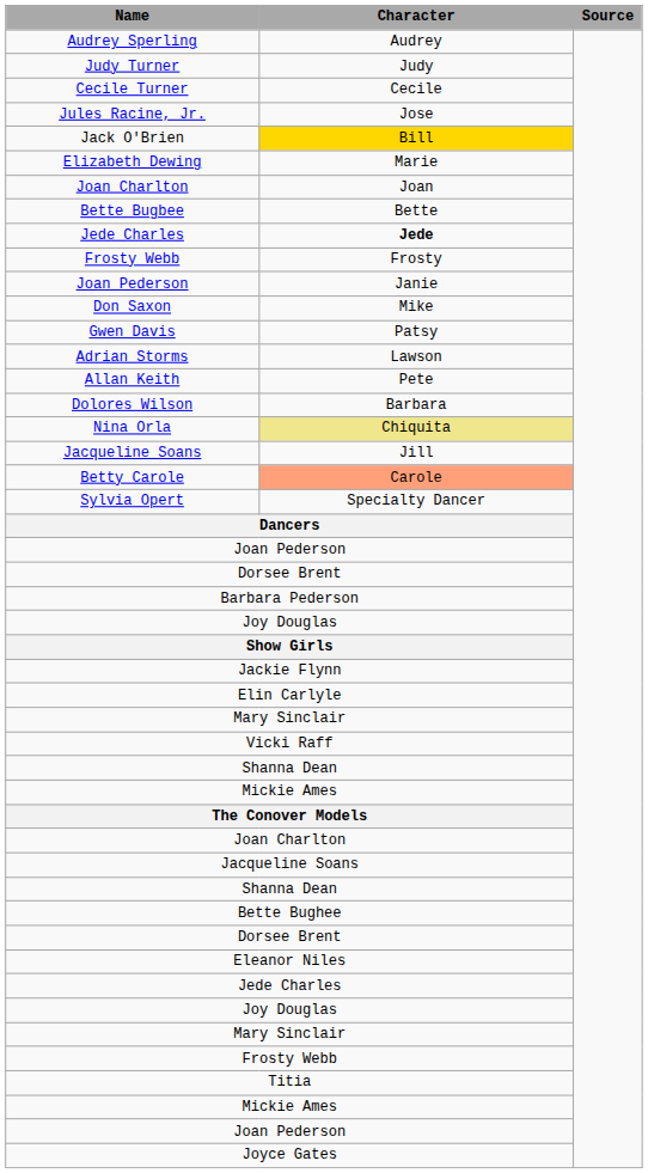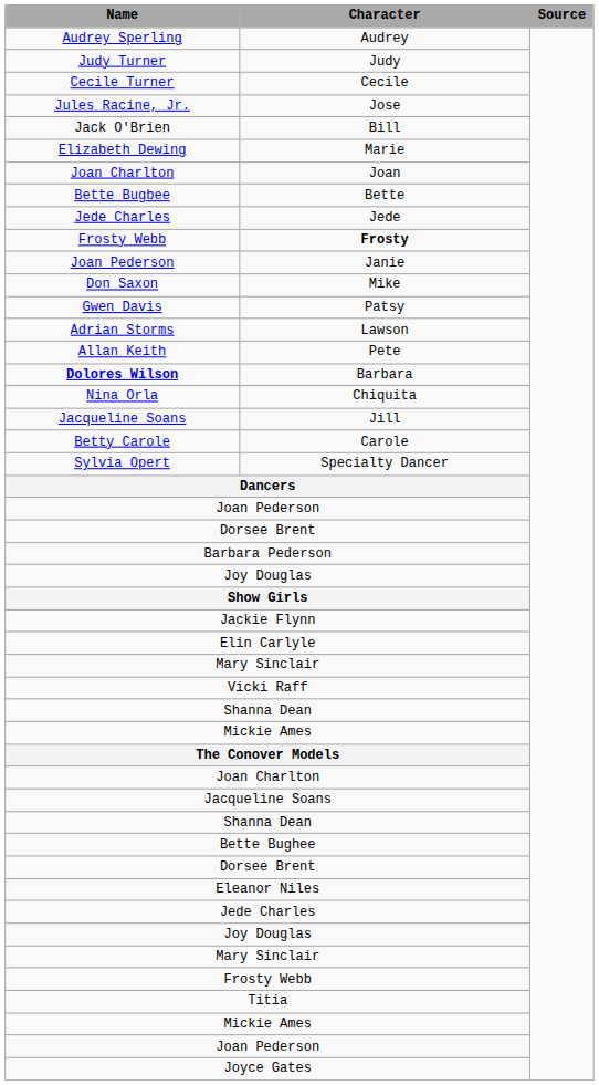 <table class="wikitable" style="font-size:90%; text-align:center; margin: 5px;">
 <tr>
 <th style="background:darkGrey; width:200px;">Name</th>
 <th style="background:darkGrey; width:250px;">Character</th>
 <th style="background:darkGrey; width:50px;">Source</th>
 </tr>
 <tr>
 <td><a href='#'>Audrey Sperling</a></td>
 <td>Audrey</td>
 <td rowspan="47"></td>
 </tr>
 <tr>
 <td><a href='#'>Judy Turner</a></td>
 <td>Judy</td>
 </tr>
 <tr>
 <td><a href='#'>Cecile Turner</a></td>
 <td>Cecile</td>
 </tr>
 <tr>
 <td><a href='#'>Jules Racine, Jr.</a></td>
 <td>Jose</td>
 </tr>
 <tr>
 <td>Jack O'Brien</td>
-<td style="background: gold;">Bill</td>
+<td>Bill</td>
 </tr>
 <tr>
 <td><a href='#'>Elizabeth Dewing</a></td>
 <td>Marie</td>
 </tr>
 <tr>
 <td><a href='#'>Joan Charlton</a></td>
 <td>Joan</td>
 </tr>
 <tr>
 <td><a href='#'>Bette Bugbee</a></td>
 <td>Bette</td>
 </tr>
 <tr>
 <td><a href='#'>Jede Charles</a></td>
-<td><strong>Jede</strong></td>
+<td>Jede</td>
 </tr>
 <tr>
 <td><a href='#'>Frosty Webb</a></td>
-<td>Frosty</td>
+<td><strong>Frosty</strong></td>
 </tr>
 <tr>
 <td><a href='#'>Joan Pederson</a></td>
 <td>Janie</td>
 </tr>
 <tr>
 <td><a href='#'>Don Saxon</a></td>
 <td>Mike</td>
 </tr>
 <tr>
 <td><a href='#'>Gwen Davis</a></td>
 <td>Patsy</td>
 </tr>
 <tr>
 <td><a href='#'>Adrian Storms</a></td>
 <td>Lawson</td>
 </tr>
 <tr>
 <td><a href='#'>Allan Keith</a></td>
 <td>Pete</td>
 </tr>
 <tr>
-<td><a href='#'>Dolores Wilson</a></td>
+<td><strong><a href='#'>Dolores Wilson</a></strong></td>
 <td>Barbara</td>
 </tr>
 <tr>
 <td><a href='#'>Nina Orla</a></td>
-<td style="background: khaki;">Chiquita</td>
+<td>Chiquita</td>
 </tr>
 <tr>
 <td><a href='#'>Jacqueline Soans</a></td>
 <td>Jill</td>
 </tr>
 <tr>
 <td><a href='#'>Betty Carole</a></td>
-<td style="background: lightsalmon;">Carole</td>
+<td>Carole</td>
 </tr>
 <tr>
 <td><a href='#'>Sylvia Opert</a></td>
 <td>Specialty Dancer</td>
 </tr>
 <tr>
 <th colspan="2">Dancers</th>
 </tr>
 <tr>
 <td colspan="2">Joan Pederson</td>
 </tr>
 <tr>
 <td colspan="2">Dorsee Brent</td>
 </tr>
 <tr>
 <td colspan="2">Barbara Pederson</td>
 </tr>
 <tr>
 <td colspan="2">Joy Douglas</td>
 </tr>
 <tr>
 <th colspan="2">Show Girls</th>
 </tr>
 <tr>
 <td colspan="2">Jackie Flynn</td>
 </tr>
 <tr>
 <td colspan="2">Elin Carlyle</td>
 </tr>
 <tr>
 <td colspan="2">Mary Sinclair</td>
 </tr>
 <tr>
 <td colspan="2">Vicki Raff</td>
 </tr>
 <tr>
 <td colspan="2">Shanna Dean</td>
 </tr>
 <tr>
 <td colspan="2">Mickie Ames</td>
 </tr>
 <tr>
 <th colspan="2">The Conover Models</th>
 </tr>
 <tr>
 <td colspan="2">Joan Charlton</td>
 </tr>
 <tr>
 <td colspan="2">Jacqueline Soans</td>
 </tr>
 <tr>
 <td colspan="2">Shanna Dean</td>
 </tr>
 <tr>
 <td colspan="2">Bette Bughee</td>
 </tr>
 <tr>
 <td colspan="2">Dorsee Brent</td>
 </tr>
 <tr>
 <td colspan="2">Eleanor Niles</td>
 </tr>
 <tr>
 <td colspan="2">Jede Charles</td>
 </tr>
 <tr>
 <td colspan="2">Joy Douglas</td>
 </tr>
 <tr>
 <td colspan="2">Mary Sinclair</td>
 </tr>
 <tr>
 <td colspan="2">Frosty Webb</td>
 </tr>
 <tr>
 <td colspan="2">Titia</td>
 </tr>
 <tr>
 <td colspan="2">Mickie Ames</td>
 </tr>
 <tr>
 <td colspan="2">Joan Pederson</td>
 </tr>
 <tr>
 <td colspan="2">Joyce Gates</td>
 </tr>
 <tr>
 </tr>
 </table>
